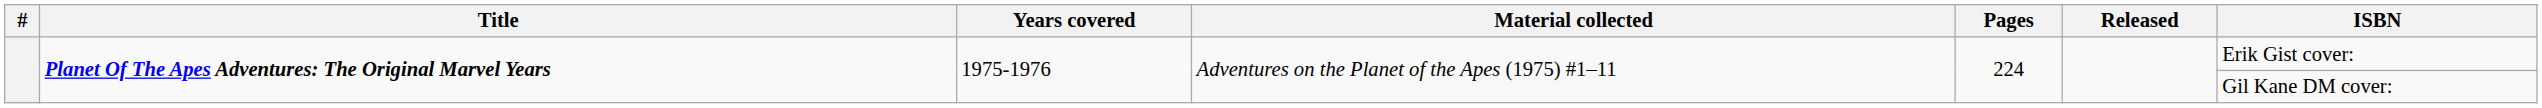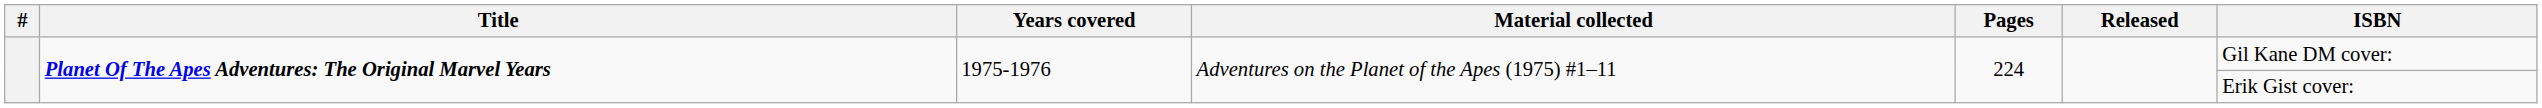 <table class="wikitable sortable" width=99%>
 <tr>
 <th class="unsortable" width=20px>#</th>
 <th>Title</th>
 <th>Years covered</th>
 <th class="unsortable">Material collected</th>
 <th>Pages</th>
 <th>Released</th>
 <th class="unsortable">ISBN</th>
 </tr>
 <tr>
 <th style="background-color: light grey;" rowspan=2></th>
 <td rowspan=2><strong><em><a href='#'>Planet Of The Apes</a> Adventures: The Original Marvel Years</em></strong></td>
 <td rowspan=2>1975-1976</td>
 <td rowspan=2><em>Adventures on the Planet of the Apes</em> (1975) #1–11</td>
 <td style="text-align: center;" rowspan=2>224</td>
 <td rowspan=2></td>
+<td>Gil Kane DM cover: </td>
+</tr>
+<tr>
 <td>Erik Gist cover: </td>
 </tr>
-<tr>
-<td>Gil Kane DM cover: </td>
-</tr>
 </table>
